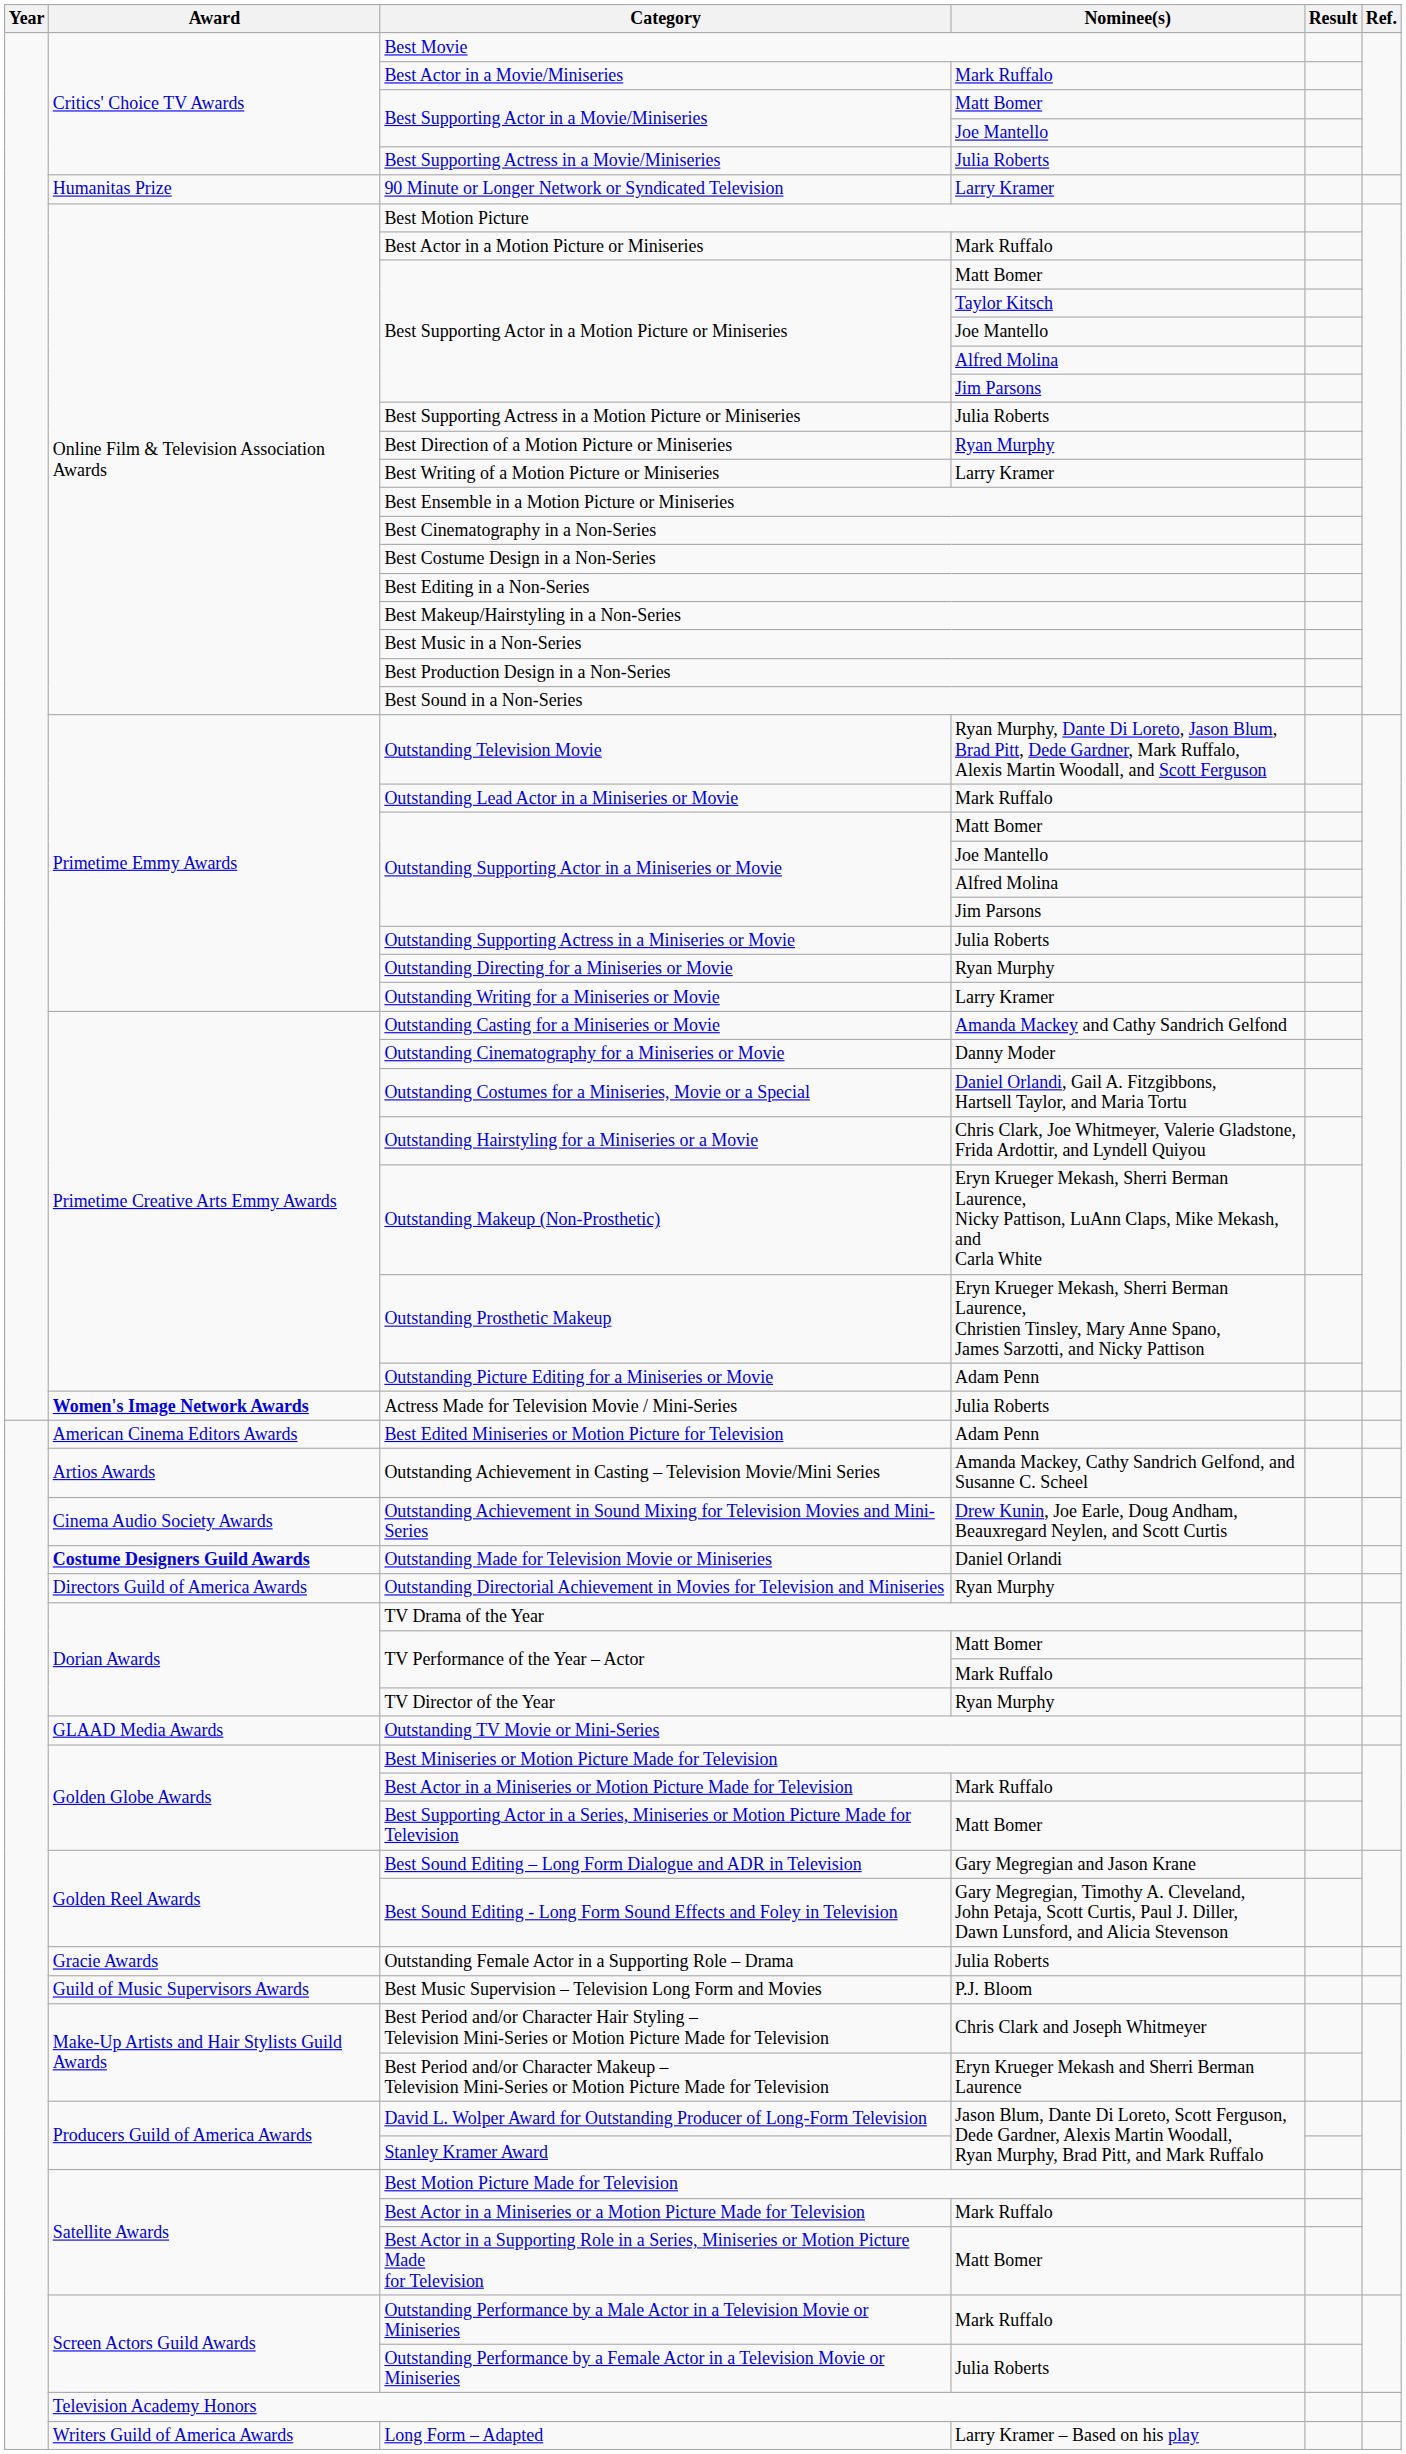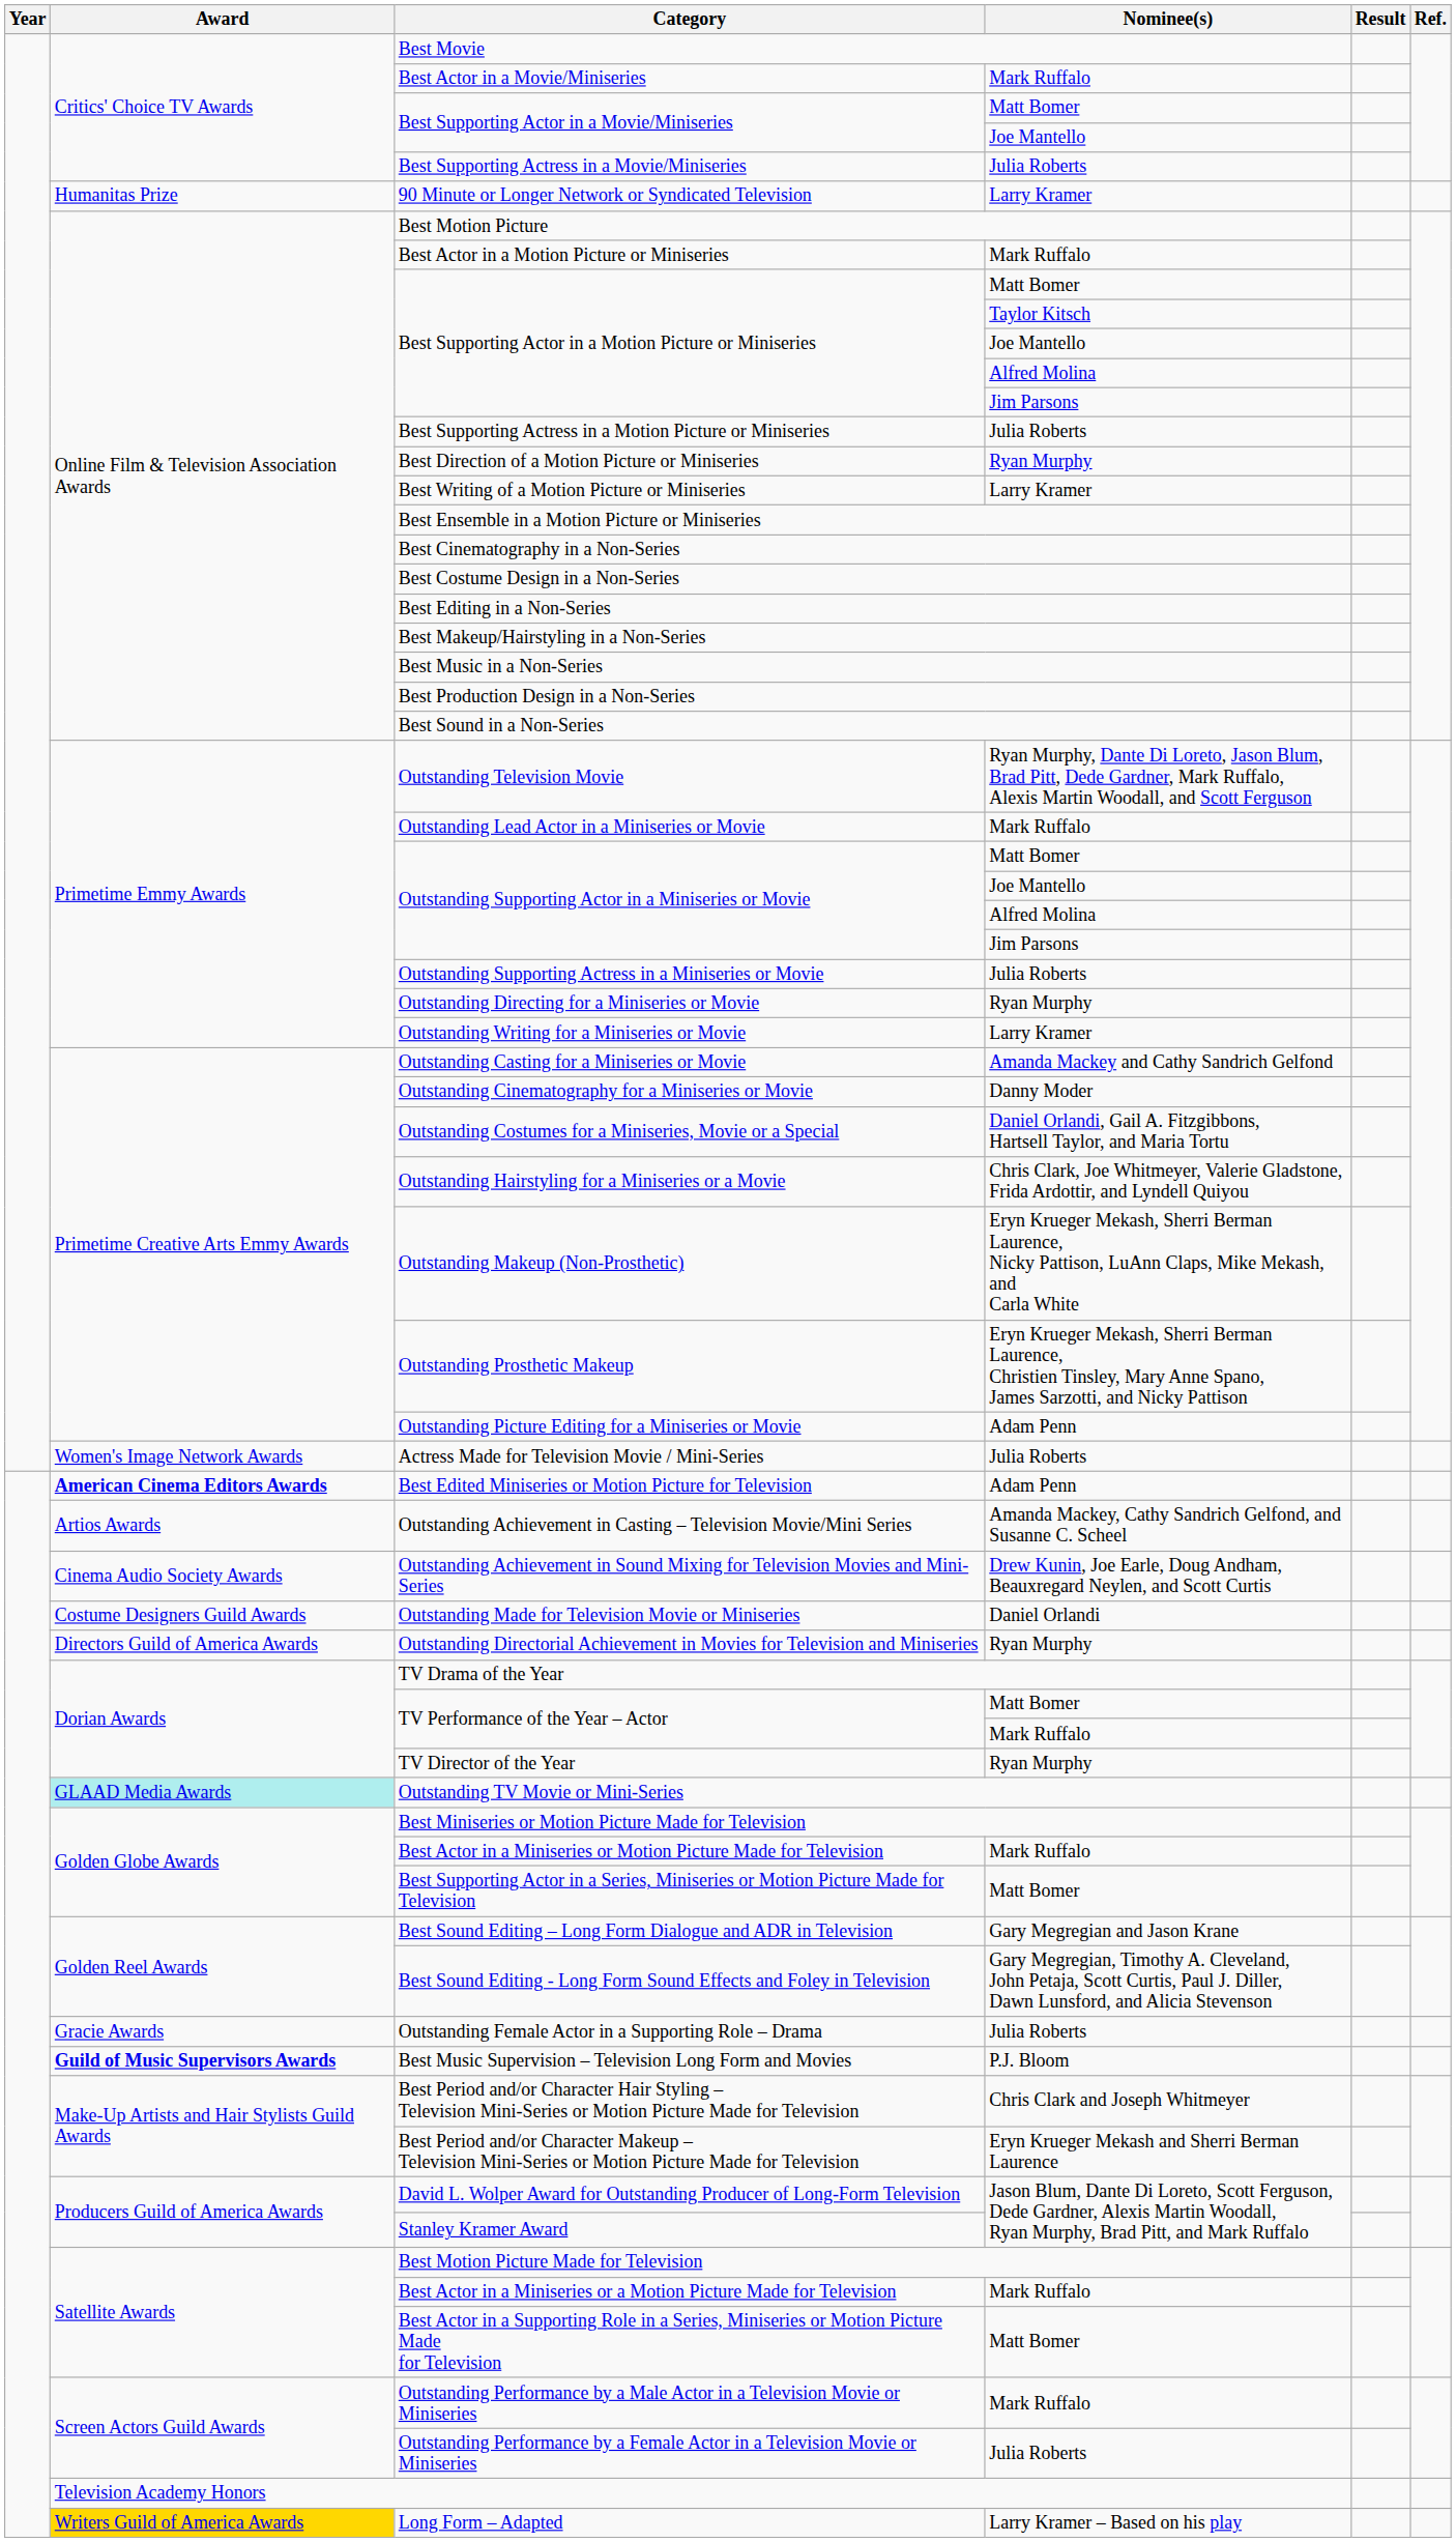 <table class="wikitable sortable">
 <tr>
 <th>Year</th>
 <th>Award</th>
 <th>Category</th>
 <th>Nominee(s)</th>
 <th>Result</th>
 <th>Ref.</th>
 </tr>
 <tr>
 <td rowspan="41"></td>
 <td rowspan="5"><a href='#'>Critics' Choice TV Awards</a></td>
 <td colspan="2"><a href='#'>Best Movie</a></td>
 <td></td>
 <td align="center" rowspan="5"></td>
 </tr>
 <tr>
 <td><a href='#'>Best Actor in a Movie/Miniseries</a></td>
 <td><a href='#'>Mark Ruffalo</a></td>
 <td></td>
 </tr>
 <tr>
 <td rowspan="2"><a href='#'>Best Supporting Actor in a Movie/Miniseries</a></td>
 <td><a href='#'>Matt Bomer</a></td>
 <td></td>
 </tr>
 <tr>
 <td><a href='#'>Joe Mantello</a></td>
 <td></td>
 </tr>
 <tr>
 <td><a href='#'>Best Supporting Actress in a Movie/Miniseries</a></td>
 <td><a href='#'>Julia Roberts</a></td>
 <td></td>
 </tr>
 <tr>
 <td><a href='#'>Humanitas Prize</a></td>
 <td><a href='#'>90 Minute or Longer Network or Syndicated Television</a></td>
 <td><a href='#'>Larry Kramer</a></td>
 <td></td>
 <td align="center"></td>
 </tr>
 <tr>
 <td rowspan="18">Online Film & Television Association Awards</td>
 <td colspan="2">Best Motion Picture</td>
 <td></td>
 <td align="center" rowspan="18"></td>
 </tr>
 <tr>
 <td>Best Actor in a Motion Picture or Miniseries</td>
 <td>Mark Ruffalo</td>
 <td></td>
 </tr>
 <tr>
 <td rowspan="5">Best Supporting Actor in a Motion Picture or Miniseries</td>
 <td>Matt Bomer</td>
 <td></td>
 </tr>
 <tr>
 <td><a href='#'>Taylor Kitsch</a></td>
 <td></td>
 </tr>
 <tr>
 <td>Joe Mantello</td>
 <td></td>
 </tr>
 <tr>
 <td><a href='#'>Alfred Molina</a></td>
 <td></td>
 </tr>
 <tr>
 <td><a href='#'>Jim Parsons</a></td>
 <td></td>
 </tr>
 <tr>
 <td>Best Supporting Actress in a Motion Picture or Miniseries</td>
 <td>Julia Roberts</td>
 <td></td>
 </tr>
 <tr>
 <td>Best Direction of a Motion Picture or Miniseries</td>
 <td><a href='#'>Ryan Murphy</a></td>
 <td></td>
 </tr>
 <tr>
 <td>Best Writing of a Motion Picture or Miniseries</td>
 <td>Larry Kramer</td>
 <td></td>
 </tr>
 <tr>
 <td colspan="2">Best Ensemble in a Motion Picture or Miniseries</td>
 <td></td>
 </tr>
 <tr>
 <td colspan="2">Best Cinematography in a Non-Series</td>
 <td></td>
 </tr>
 <tr>
 <td colspan="2">Best Costume Design in a Non-Series</td>
 <td></td>
 </tr>
 <tr>
 <td colspan="2">Best Editing in a Non-Series</td>
 <td></td>
 </tr>
 <tr>
 <td colspan="2">Best Makeup/Hairstyling in a Non-Series</td>
 <td></td>
 </tr>
 <tr>
 <td colspan="2">Best Music in a Non-Series</td>
 <td></td>
 </tr>
 <tr>
 <td colspan="2">Best Production Design in a Non-Series</td>
 <td></td>
 </tr>
 <tr>
 <td colspan="2">Best Sound in a Non-Series</td>
 <td></td>
 </tr>
 <tr>
 <td rowspan="9"><a href='#'>Primetime Emmy Awards</a></td>
 <td><a href='#'>Outstanding Television Movie</a></td>
 <td>Ryan Murphy, <a href='#'>Dante Di Loreto</a>, <a href='#'>Jason Blum</a>, <br> <a href='#'>Brad Pitt</a>, <a href='#'>Dede Gardner</a>, Mark Ruffalo, <br> Alexis Martin Woodall, and <a href='#'>Scott Ferguson</a></td>
 <td></td>
 <td align="center" rowspan="16"></td>
 </tr>
 <tr>
 <td><a href='#'>Outstanding Lead Actor in a Miniseries or Movie</a></td>
 <td>Mark Ruffalo</td>
 <td></td>
 </tr>
 <tr>
 <td rowspan="4"><a href='#'>Outstanding Supporting Actor in a Miniseries or Movie</a></td>
 <td>Matt Bomer</td>
 <td></td>
 </tr>
 <tr>
 <td>Joe Mantello</td>
 <td></td>
 </tr>
 <tr>
 <td>Alfred Molina</td>
 <td></td>
 </tr>
 <tr>
 <td>Jim Parsons</td>
 <td></td>
 </tr>
 <tr>
 <td><a href='#'>Outstanding Supporting Actress in a Miniseries or Movie</a></td>
 <td>Julia Roberts</td>
 <td></td>
 </tr>
 <tr>
 <td><a href='#'>Outstanding Directing for a Miniseries or Movie</a></td>
 <td>Ryan Murphy</td>
 <td></td>
 </tr>
 <tr>
 <td><a href='#'>Outstanding Writing for a Miniseries or Movie</a></td>
 <td>Larry Kramer</td>
 <td></td>
 </tr>
 <tr>
 <td rowspan="7"><a href='#'>Primetime Creative Arts Emmy Awards</a></td>
 <td><a href='#'>Outstanding Casting for a Miniseries or Movie</a></td>
 <td><a href='#'>Amanda Mackey</a> and Cathy Sandrich Gelfond</td>
 <td></td>
 </tr>
 <tr>
 <td><a href='#'>Outstanding Cinematography for a Miniseries or Movie</a></td>
 <td>Danny Moder</td>
 <td></td>
 </tr>
 <tr>
 <td><a href='#'>Outstanding Costumes for a Miniseries, Movie or a Special</a></td>
 <td><a href='#'>Daniel Orlandi</a>, Gail A. Fitzgibbons, <br> Hartsell Taylor, and Maria Tortu</td>
 <td></td>
 </tr>
 <tr>
 <td><a href='#'>Outstanding Hairstyling for a Miniseries or a Movie</a></td>
 <td>Chris Clark, Joe Whitmeyer, Valerie Gladstone, <br> Frida Ardottir, and Lyndell Quiyou</td>
 <td></td>
 </tr>
 <tr>
 <td><a href='#'>Outstanding Makeup (Non-Prosthetic)</a></td>
 <td>Eryn Krueger Mekash, Sherri Berman Laurence, <br> Nicky Pattison, LuAnn Claps, Mike Mekash, and <br> Carla White</td>
 <td></td>
 </tr>
 <tr>
 <td><a href='#'>Outstanding Prosthetic Makeup</a></td>
 <td>Eryn Krueger Mekash, Sherri Berman Laurence, <br> Christien Tinsley, Mary Anne Spano, <br> James Sarzotti, and Nicky Pattison</td>
 <td></td>
 </tr>
 <tr>
 <td><a href='#'>Outstanding Picture Editing for a Miniseries or Movie</a></td>
 <td>Adam Penn</td>
 <td></td>
 </tr>
 <tr>
-<td><strong><a href='#'>Women's Image Network Awards</a></strong></td>
+<td><a href='#'>Women's Image Network Awards</a></td>
 <td>Actress Made for Television Movie / Mini-Series</td>
 <td>Julia Roberts</td>
 <td></td>
 <td align="center"></td>
 </tr>
 <tr>
 <td rowspan="28"></td>
-<td><a href='#'>American Cinema Editors Awards</a></td>
+<td><strong><a href='#'>American Cinema Editors Awards</a></strong></td>
 <td><a href='#'>Best Edited Miniseries or Motion Picture for Television</a></td>
 <td>Adam Penn</td>
 <td></td>
 <td align="center"></td>
 </tr>
 <tr>
 <td><a href='#'>Artios Awards</a></td>
 <td>Outstanding Achievement in Casting – Television Movie/Mini Series</td>
 <td>Amanda Mackey, Cathy Sandrich Gelfond, and <br> Susanne C. Scheel</td>
 <td></td>
 <td align="center"></td>
 </tr>
 <tr>
 <td><a href='#'>Cinema Audio Society Awards</a></td>
 <td><a href='#'>Outstanding Achievement in Sound Mixing for Television Movies and Mini-Series</a></td>
 <td><a href='#'>Drew Kunin</a>, Joe Earle, Doug Andham, <br> Beauxregard Neylen, and Scott Curtis</td>
 <td></td>
 <td align="center"></td>
 </tr>
 <tr>
-<td><strong><a href='#'>Costume Designers Guild Awards</a></strong></td>
+<td><a href='#'>Costume Designers Guild Awards</a></td>
 <td><a href='#'>Outstanding Made for Television Movie or Miniseries</a></td>
 <td>Daniel Orlandi</td>
 <td></td>
 <td align="center"></td>
 </tr>
 <tr>
 <td><a href='#'>Directors Guild of America Awards</a></td>
 <td><a href='#'>Outstanding Directorial Achievement in Movies for Television and Miniseries</a></td>
 <td>Ryan Murphy</td>
 <td></td>
 <td align="center"></td>
 </tr>
 <tr>
 <td rowspan="4"><a href='#'>Dorian Awards</a></td>
 <td colspan="2">TV Drama of the Year</td>
 <td></td>
 <td align="center" rowspan="4"></td>
 </tr>
 <tr>
 <td rowspan="2">TV Performance of the Year – Actor</td>
 <td>Matt Bomer</td>
 <td></td>
 </tr>
 <tr>
 <td>Mark Ruffalo</td>
 <td></td>
 </tr>
 <tr>
 <td>TV Director of the Year</td>
 <td>Ryan Murphy</td>
 <td></td>
 </tr>
 <tr>
-<td><a href='#'>GLAAD Media Awards</a></td>
+<td style="background: paleturquoise;"><a href='#'>GLAAD Media Awards</a></td>
 <td colspan="2"><a href='#'>Outstanding TV Movie or Mini-Series</a></td>
 <td></td>
 <td align="center"></td>
 </tr>
 <tr>
 <td rowspan="3"><a href='#'>Golden Globe Awards</a></td>
 <td colspan="2"><a href='#'>Best Miniseries or Motion Picture Made for Television</a></td>
 <td></td>
 <td align="center" rowspan="3"></td>
 </tr>
 <tr>
 <td><a href='#'>Best Actor in a Miniseries or Motion Picture Made for Television</a></td>
 <td>Mark Ruffalo</td>
 <td></td>
 </tr>
 <tr>
 <td><a href='#'>Best Supporting Actor in a Series, Miniseries or Motion Picture Made for Television</a></td>
 <td>Matt Bomer</td>
 <td></td>
 </tr>
 <tr>
 <td rowspan="2"><a href='#'>Golden Reel Awards</a></td>
 <td><a href='#'>Best Sound Editing – Long Form Dialogue and ADR in Television</a></td>
 <td>Gary Megregian and Jason Krane</td>
 <td></td>
 <td align="center" rowspan="2"></td>
 </tr>
 <tr>
 <td><a href='#'>Best Sound Editing - Long Form Sound Effects and Foley in Television</a></td>
 <td>Gary Megregian, Timothy A. Cleveland, <br> John Petaja, Scott Curtis, Paul J. Diller, <br> Dawn Lunsford, and Alicia Stevenson</td>
 <td></td>
 </tr>
 <tr>
 <td><a href='#'>Gracie Awards</a></td>
 <td>Outstanding Female Actor in a Supporting Role – Drama</td>
 <td>Julia Roberts</td>
 <td></td>
 <td align="center"></td>
 </tr>
 <tr>
-<td><a href='#'>Guild of Music Supervisors Awards</a></td>
+<td><strong><a href='#'>Guild of Music Supervisors Awards</a></strong></td>
 <td>Best Music Supervision – Television Long Form and Movies</td>
 <td>P.J. Bloom</td>
 <td></td>
 <td align="center"></td>
 </tr>
 <tr>
 <td rowspan="2"><a href='#'>Make-Up Artists and Hair Stylists Guild Awards</a></td>
 <td>Best Period and/or Character Hair Styling – <br> Television Mini-Series or Motion Picture Made for Television</td>
 <td>Chris Clark and Joseph Whitmeyer</td>
 <td></td>
 <td align="center" rowspan="2"></td>
 </tr>
 <tr>
 <td>Best Period and/or Character Makeup – <br> Television Mini-Series or Motion Picture Made for Television</td>
 <td>Eryn Krueger Mekash and Sherri Berman Laurence</td>
 <td></td>
 </tr>
 <tr>
 <td rowspan="2"><a href='#'>Producers Guild of America Awards</a></td>
 <td><a href='#'>David L. Wolper Award for Outstanding Producer of Long-Form Television</a></td>
 <td rowspan="2">Jason Blum, Dante Di Loreto, Scott Ferguson, <br> Dede Gardner, Alexis Martin Woodall, <br> Ryan Murphy, Brad Pitt, and Mark Ruffalo</td>
 <td></td>
 <td align="center" rowspan="2"></td>
 </tr>
 <tr>
 <td><a href='#'>Stanley Kramer Award</a></td>
 <td></td>
 </tr>
 <tr>
 <td rowspan="3"><a href='#'>Satellite Awards</a></td>
 <td colspan="2"><a href='#'>Best Motion Picture Made for Television</a></td>
 <td></td>
 <td align="center" rowspan="3"></td>
 </tr>
 <tr>
 <td><a href='#'>Best Actor in a Miniseries or a Motion Picture Made for Television</a></td>
 <td>Mark Ruffalo</td>
 <td></td>
 </tr>
 <tr>
 <td><a href='#'>Best Actor in a Supporting Role in a Series, Miniseries or Motion Picture Made <br> for Television</a></td>
 <td>Matt Bomer</td>
 <td></td>
 </tr>
 <tr>
 <td rowspan="2"><a href='#'>Screen Actors Guild Awards</a></td>
 <td><a href='#'>Outstanding Performance by a Male Actor in a Television Movie or Miniseries</a></td>
 <td>Mark Ruffalo</td>
 <td></td>
 <td align="center" rowspan="2"></td>
 </tr>
 <tr>
 <td><a href='#'>Outstanding Performance by a Female Actor in a Television Movie or Miniseries</a></td>
 <td>Julia Roberts</td>
 <td></td>
 </tr>
 <tr>
 <td colspan="3"><a href='#'>Television Academy Honors</a></td>
 <td></td>
 <td align="center"></td>
 </tr>
 <tr>
-<td><a href='#'>Writers Guild of America Awards</a></td>
+<td style="background: gold;"><a href='#'>Writers Guild of America Awards</a></td>
 <td><a href='#'>Long Form – Adapted</a></td>
 <td>Larry Kramer – Based on his <a href='#'>play</a></td>
 <td></td>
 <td align="center"></td>
 </tr>
 </table>
